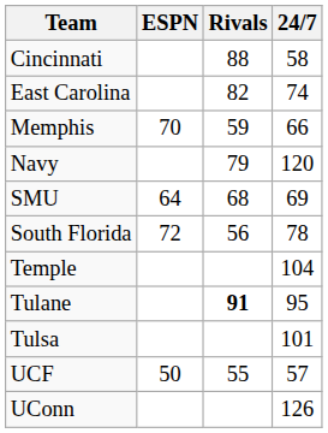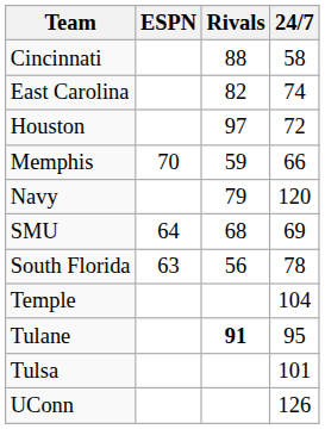 <table class="wikitable">
 <tr>
 <th>Team</th>
 <th>ESPN</th>
 <th>Rivals</th>
 <th>24/7</th>
 </tr>
 <tr>
 <td>Cincinnati</td>
 <td style="text-align:center; background:white"></td>
 <td style="text-align:center; background:white">88</td>
 <td style="text-align:center; background:white">58</td>
 </tr>
 <tr>
 <td>East Carolina</td>
 <td style="text-align:center; background:white"></td>
 <td style="text-align:center; background:white">82</td>
 <td style="text-align:center; background:white">74</td>
+</tr>
+<tr>
+<td>Houston</td>
+<td style="text-align:center; background:white"></td>
+<td style="text-align:center; background:white">97</td>
+<td style="text-align:center; background:white">72</td>
 </tr>
 <tr>
 <td>Memphis</td>
 <td style="text-align:center; background:white">70</td>
 <td style="text-align:center; background:white">59</td>
 <td style="text-align:center; background:white">66</td>
 </tr>
 <tr>
 <td>Navy</td>
 <td style="text-align:center; background:white"></td>
 <td style="text-align:center; background:white">79</td>
 <td style="text-align:center; background:white">120</td>
 </tr>
 <tr>
 <td>SMU</td>
 <td style="text-align:center; background:white">64</td>
 <td style="text-align:center; background:white">68</td>
 <td style="text-align:center; background:white">69</td>
 </tr>
 <tr>
 <td>South Florida</td>
-<td style="text-align:center; background:white">72</td>
+<td style="text-align:center; background:white">63</td>
 <td style="text-align:center; background:white">56</td>
 <td style="text-align:center; background:white">78</td>
 </tr>
 <tr>
 <td>Temple</td>
 <td style="text-align:center; background:white"></td>
 <td style="text-align:center; background:white"></td>
 <td style="text-align:center; background:white">104</td>
 </tr>
 <tr>
 <td>Tulane</td>
 <td style="text-align:center; background:white"></td>
 <td style="text-align:center; background:white"><strong>91</strong></td>
 <td style="text-align:center; background:white">95</td>
 </tr>
 <tr>
 <td>Tulsa</td>
 <td style="text-align:center; background:white"></td>
 <td style="text-align:center; background:white"></td>
 <td style="text-align:center; background:white">101</td>
 </tr>
 <tr>
-<td>UCF</td>
-<td style="text-align:center; background:white">50</td>
-<td style="text-align:center; background:white">55</td>
-<td style="text-align:center; background:white">57</td>
-</tr>
-<tr>
 <td>UConn</td>
 <td style="text-align:center; background:white"></td>
 <td style="text-align:center; background:white"></td>
 <td style="text-align:center; background:white">126</td>
 </tr>
 </table>
